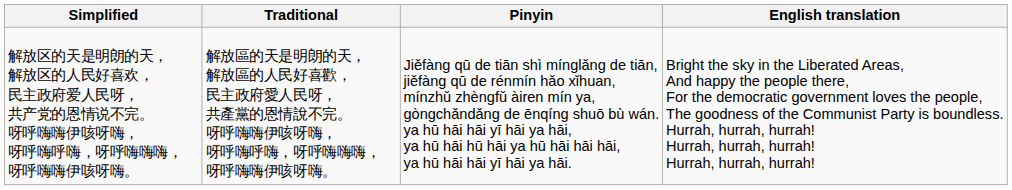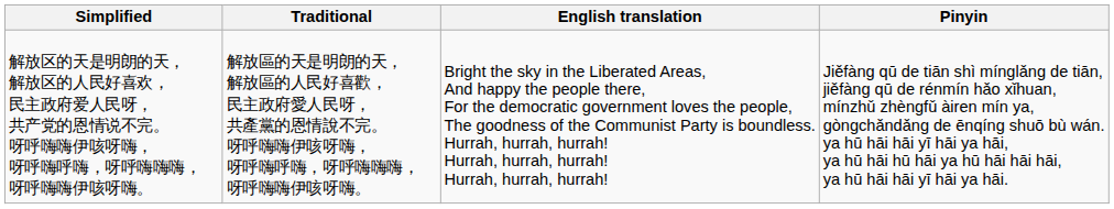 <table class="wikitable">
 <tr>
 <th width="210">Simplified</th>
 <th width="210">Traditional</th>
+<th>English translation</th>
 <th>Pinyin</th>
-<th>English translation</th>
 </tr>
 <tr>
 <td><br>解放区的天是明朗的天，<br> 解放区的人民好喜欢，<br> 民主政府爱人民呀，<br> 共产党的恩情说不完。<br> 呀呼嗨嗨伊咳呀嗨，<br> 呀呼嗨呼嗨，呀呼嗨嗨嗨，<br> 呀呼嗨嗨伊咳呀嗨。</td>
 <td><br>解放區的天是明朗的天，<br> 解放區的人民好喜歡，<br> 民主政府愛人民呀，<br> 共產黨的恩情說不完。<br> 呀呼嗨嗨伊咳呀嗨，<br> 呀呼嗨呼嗨，呀呼嗨嗨嗨，<br> 呀呼嗨嗨伊咳呀嗨。</td>
+<td><br>Bright the sky in the Liberated Areas,<br> And happy the people there,<br> For the democratic government loves the people,<br> The goodness of the Communist Party is boundless.<br> Hurrah, hurrah, hurrah!<br> Hurrah, hurrah, hurrah!<br> Hurrah, hurrah, hurrah!</td>
 <td><br>Jiěfàng qū de tiān shì mínglǎng de tiān,<br> jiěfàng qū de rénmín hǎo xǐhuan,<br> mínzhǔ zhèngfǔ àiren mín ya,<br> gòngchǎndǎng de ēnqíng shuō bù wán.<br> ya hū hāi hāi yī hāi ya hāi,<br> ya hū hāi hū hāi ya hū hāi hāi hāi,<br> ya hū hāi hāi yī hāi ya hāi.</td>
-<td><br>Bright the sky in the Liberated Areas,<br> And happy the people there,<br> For the democratic government loves the people,<br> The goodness of the Communist Party is boundless.<br> Hurrah, hurrah, hurrah!<br> Hurrah, hurrah, hurrah!<br> Hurrah, hurrah, hurrah!</td>
 </tr>
 </table>
